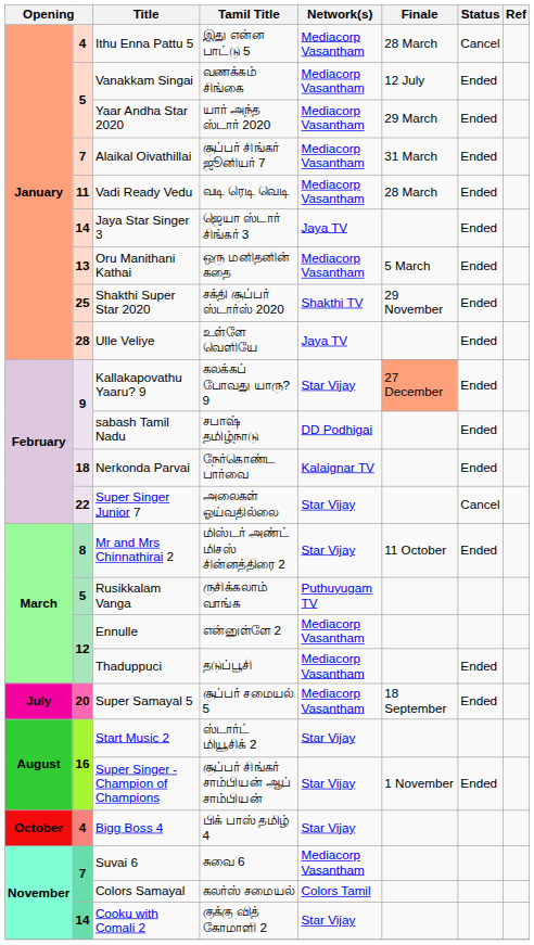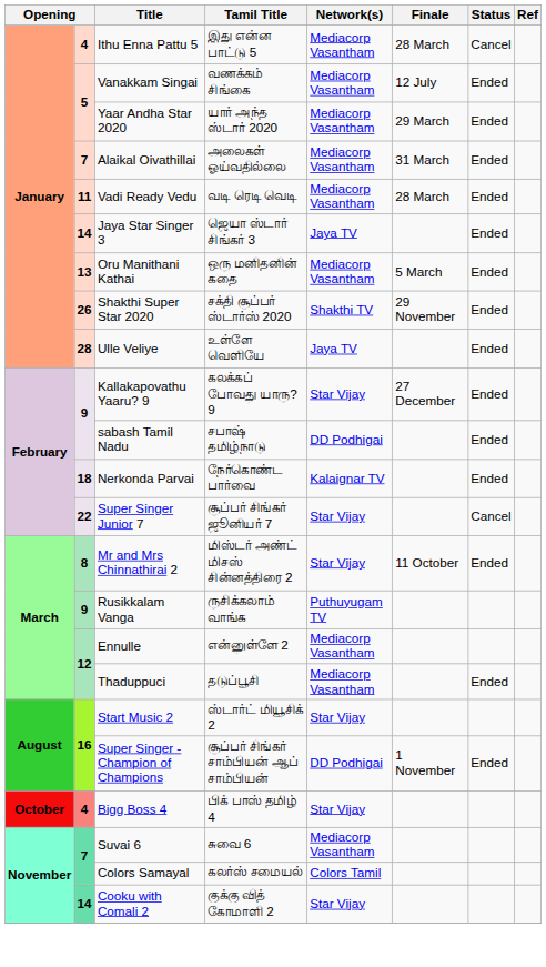 <table class="wikitable" width="75%">
 <tr>
 <th colspan="2">Opening</th>
 <th style="width:30%;">Title</th>
 <th style="width:30%;">Tamil Title</th>
 <th style="width:20%;">Network(s)</th>
 <th style="width:20%;">Finale</th>
 <th style="width:20%;">Status</th>
 <th>Ref</th>
 </tr>
 <tr>
 <td rowspan="9" style="text-align:center;background:#ffa07a;textcolor:#000;"><strong>January</strong></td>
 <td style="text-align:center; background:#ffdacc;"><strong>4</strong></td>
 <td>Ithu Enna Pattu 5</td>
 <td>இது என்ன பாட்டு 5</td>
 <td><a href='#'>Mediacorp Vasantham</a></td>
 <td>28 March</td>
 <td>Cancel</td>
 <td></td>
 </tr>
 <tr>
 <td rowspan="2" style="text-align:center; background:#ffdacc;"><strong>5</strong></td>
 <td>Vanakkam Singai</td>
 <td>வணக்கம் சிங்கை</td>
 <td><a href='#'>Mediacorp Vasantham</a></td>
 <td>12 July</td>
 <td>Ended</td>
 <td></td>
 </tr>
 <tr>
 <td>Yaar Andha Star 2020</td>
 <td>யார் அந்த ஸ்டார் 2020</td>
 <td><a href='#'>Mediacorp Vasantham</a></td>
 <td>29 March</td>
 <td>Ended</td>
 <td></td>
 </tr>
 <tr>
 <td style="text-align:center; background:#ffdacc;"><strong>7</strong></td>
 <td>Alaikal Oivathillai</td>
-<td>சூப்பர் சிங்கர் ஜூனியர் 7</td>
+<td>அலைகள் ஓய்வதில்லை</td>
 <td><a href='#'>Mediacorp Vasantham</a></td>
 <td>31 March</td>
 <td>Ended</td>
 <td></td>
 </tr>
 <tr>
 <td style="text-align:center; background:#ffdacc;"><strong>11</strong></td>
 <td>Vadi Ready Vedu</td>
 <td>வடி ரெடி வெடி</td>
 <td><a href='#'>Mediacorp Vasantham</a></td>
 <td>28 March</td>
 <td>Ended</td>
 <td></td>
 </tr>
 <tr>
 <td style="text-align:center; background:#ffdacc;"><strong>14</strong></td>
 <td>Jaya Star Singer 3</td>
 <td>ஜெயா ஸ்டார் சிங்கர் 3</td>
 <td><a href='#'>Jaya TV</a></td>
 <td></td>
 <td>Ended</td>
 <td></td>
 </tr>
 <tr>
 <td style="text-align:center; background:#ffdacc;"><strong>13</strong></td>
 <td>Oru Manithani Kathai</td>
 <td>ஒரு மனிதனின் கதை</td>
 <td><a href='#'>Mediacorp Vasantham</a></td>
 <td>5 March</td>
 <td>Ended</td>
 <td></td>
 </tr>
 <tr>
-<td style="text-align:center; background:#ffdacc;"><strong>25</strong></td>
+<td style="text-align:center; background:#ffdacc;"><strong>26</strong></td>
 <td>Shakthi Super Star 2020</td>
 <td>சக்தி சூப்பர் ஸ்டார்ஸ் 2020</td>
 <td><a href='#'>Shakthi TV</a></td>
 <td>29 November</td>
 <td>Ended</td>
 <td></td>
 </tr>
 <tr>
 <td style="text-align:center; background:#ffdacc;"><strong>28</strong></td>
 <td>Ulle Veliye</td>
 <td>உள்ளே வெளியே</td>
 <td><a href='#'>Jaya TV</a></td>
 <td></td>
 <td>Ended</td>
 <td></td>
 </tr>
 <tr>
 <td rowspan="4" style="text-align:center; background:#dcc7df; textcolor:#000;"><strong>February</strong></td>
 <td rowspan="2" style="text-align:center; background:#ede3ef;"><strong>9</strong></td>
 <td>Kallakapovathu Yaaru? 9</td>
 <td>கலக்கப் போவது யாரு? 9</td>
 <td><a href='#'>Star Vijay</a></td>
-<td style="background: lightsalmon;">27 December</td>
+<td>27 December</td>
 <td>Ended</td>
 <td></td>
 </tr>
 <tr>
 <td>sabash Tamil Nadu</td>
 <td>சபாஷ் தமிழ்நாடு</td>
 <td><a href='#'>DD Podhigai</a></td>
 <td></td>
 <td>Ended</td>
 <td></td>
 </tr>
 <tr>
 <td style="text-align:center; background:#ede3ef;"><strong>18</strong></td>
 <td>Nerkonda Parvai</td>
 <td>நேர்கொண்ட பார்வை</td>
 <td><a href='#'>Kalaignar TV</a></td>
 <td></td>
 <td>Ended</td>
 <td></td>
 </tr>
 <tr>
 <td style="text-align:center; background:#ede3ef;"><strong>22</strong></td>
 <td><a href='#'>Super Singer Junior</a> 7</td>
-<td>அலைகள் ஓய்வதில்லை</td>
+<td>சூப்பர் சிங்கர் ஜூனியர் 7</td>
 <td><a href='#'>Star Vijay</a></td>
 <td></td>
 <td>Cancel</td>
 <td></td>
 </tr>
 <tr>
 <td rowspan="4" style="text-align:center; background:#98fb98; textcolor:#000;"><strong>March</strong></td>
 <td style="text-align:center; background:#a8e4bc;"><strong>8</strong></td>
 <td><a href='#'>Mr and Mrs Chinnathirai</a> 2</td>
 <td>மிஸ்டர் அண்ட் மிசஸ் சின்னத்திரை 2</td>
 <td><a href='#'>Star Vijay</a></td>
 <td>11 October</td>
 <td>Ended</td>
 <td></td>
 </tr>
 <tr>
-<td style="text-align:center; background:#a8e4bc;"><strong>5</strong></td>
+<td style="text-align:center; background:#a8e4bc;"><strong>9</strong></td>
 <td>Rusikkalam Vanga</td>
 <td>ருசிக்கலாம் வாங்க</td>
 <td><a href='#'>Puthuyugam TV</a></td>
 <td></td>
 <td></td>
 <td></td>
 </tr>
 <tr>
 <td rowspan="2" style="text-align:center; background:#a8e4bc;"><strong>12</strong></td>
 <td>Ennulle</td>
 <td>என்னுள்ளே 2</td>
 <td><a href='#'>Mediacorp Vasantham</a></td>
 <td></td>
 <td></td>
 <td></td>
 </tr>
 <tr>
 <td>Thaduppuci</td>
 <td>தடுப்பூசி</td>
 <td><a href='#'>Mediacorp Vasantham</a></td>
 <td></td>
 <td>Ended</td>
 <td></td>
 </tr>
 <tr>
-<td style="text-align:center; background:#F400A1; textcolor:#000;"><strong>July</strong></td>
-<td style="text-align:center; background:hotPink;"><strong>20</strong></td>
-<td>Super Samayal 5</td>
-<td>சூப்பர் சமையல் 5</td>
-<td><a href='#'>Mediacorp Vasantham</a></td>
-<td>18 September</td>
-<td>Ended</td>
-<td></td>
-</tr>
-<tr>
 <td rowspan="2" style="text-align:center; background:#32CD32; textcolor:#d580ff;"><strong>August</strong></td>
 <td rowspan="2" style="text-align:center; background:#a7f432;"><strong>16</strong></td>
 <td><a href='#'>Start Music 2</a></td>
 <td>ஸ்டார்ட் மியூசிக் 2</td>
 <td><a href='#'>Star Vijay</a></td>
 <td></td>
 <td></td>
 <td></td>
 </tr>
 <tr>
 <td><a href='#'>Super Singer - Champion of Champions</a></td>
 <td>சூப்பர் சிங்கர் சாம்பியன் ஆப் சாம்பியன்</td>
-<td><a href='#'>Star Vijay</a></td>
+<td><a href='#'>DD Podhigai</a></td>
 <td>1 November</td>
 <td>Ended</td>
 <td></td>
 </tr>
 <tr>
 <td style="text-align:center; background:#f40b0b; textcolor:#000;"><strong>October</strong></td>
 <td style="text-align:center;background:#f9827c;"><strong>4</strong></td>
 <td><a href='#'>Bigg Boss 4</a></td>
 <td>பிக் பாஸ் தமிழ் 4</td>
 <td><a href='#'>Star Vijay</a></td>
 <td></td>
 <td></td>
 <td></td>
 </tr>
 <tr>
 <td rowspan="3" style="text-align:center; background:#7FFFD4; textcolor:#000;"><strong>November</strong></td>
 <td rowspan="2" style="text-align:center; background:#6da;"><strong>7</strong></td>
 <td>Suvai 6</td>
 <td>சுவை 6</td>
 <td><a href='#'>Mediacorp Vasantham</a></td>
 <td></td>
 <td></td>
 <td></td>
 </tr>
 <tr>
 <td>Colors Samayal</td>
 <td>கலர்ஸ் சமையல்</td>
 <td><a href='#'>Colors Tamil</a></td>
 <td></td>
 <td></td>
 <td></td>
 </tr>
 <tr>
 <td style="text-align:center; background:#6da;"><strong>14</strong></td>
 <td><a href='#'>Cooku with Comali 2</a></td>
 <td>குக்கு வித் கோமாளி 2</td>
 <td><a href='#'>Star Vijay</a></td>
 <td></td>
 <td></td>
 <td></td>
 </tr>
 <tr>
 </tr>
 </table>
